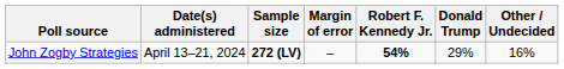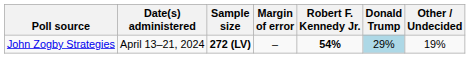 <table class="wikitable sortable mw-datatable" style="font-size:90%;text-align:center;line-height:17px">
 <tr valign=bottom>
 <th>Poll source</th>
 <th>Date(s)<br>administered</th>
 <th>Sample<br>size</th>
 <th>Margin<br>of error</th>
 <th class="unsortable">Robert F.<br>Kennedy Jr.<br></th>
 <th class="unsortable">Donald<br>Trump<br></th>
 <th class="unsortable">Other /<br>Undecided</th>
 </tr>
 <tr>
 <td style="text-align:left;"><a href='#'>John Zogby Strategies</a></td>
 <td data-sort-value="2024-05-01">April 13–21, 2024</td>
 <td><strong>272 (LV)</strong></td>
 <td>–</td>
 <td style="background-color:"><strong>54%</strong></td>
-<td>29%</td>
-<td>16%</td>
+<td style="background: lightblue;">29%</td>
+<td>19%</td>
 </tr>
 </table>
